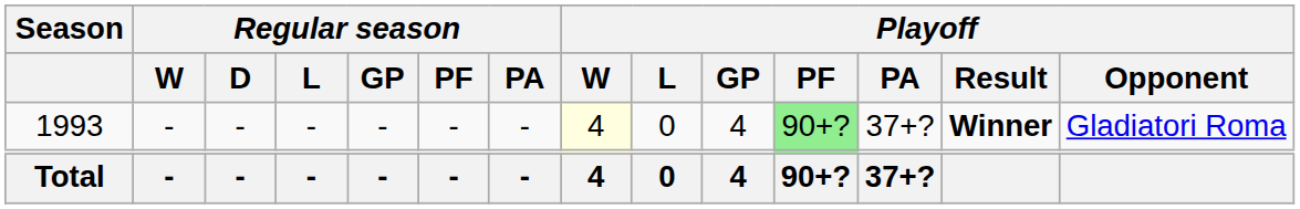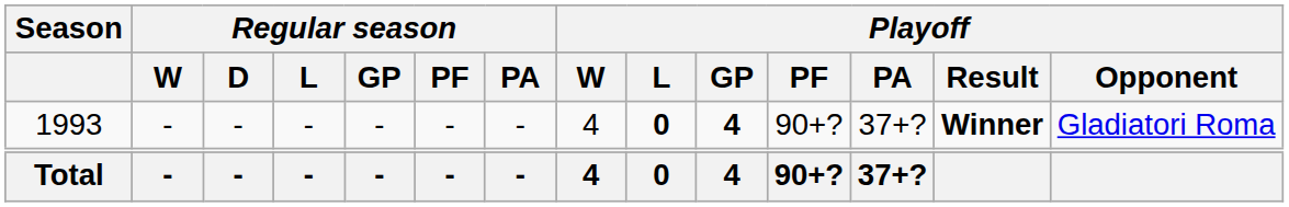 <table class="wikitable"  class="wikitable" style="text-align: center;" align=center style="font-size: 95%;">
 <tr>
 <th width=60>Season</th>
 <th colspan="6"><em>Regular season</em></th>
 <th colspan="7"><em>Playoff</em></th>
 </tr>
 <tr>
 <th> </th>
 <th width=30>W</th>
 <th width=30>D</th>
 <th width=30>L</th>
 <th width=30>GP</th>
 <th width=30>PF</th>
 <th width=30>PA</th>
 <th width=30>W</th>
 <th width=30>L</th>
 <th width=30>GP</th>
 <th width=30>PF</th>
 <th width=30>PA</th>
 <th>Result</th>
 <th>Opponent</th>
 </tr>
 <tr align=center>
 <td>1993</td>
 <td>-</td>
 <td>-</td>
 <td>-</td>
 <td>-</td>
 <td>-</td>
 <td>-</td>
-<td style="background: lightyellow;">4</td>
-<td>0</td>
 <td>4</td>
-<td style="background: lightgreen;">90+?</td>
+<td><strong>0</strong></td>
+<td><strong>4</strong></td>
+<td>90+?</td>
 <td>37+?</td>
 <td><strong>Winner</strong></td>
 <td><a href='#'>Gladiatori Roma</a></td>
 </tr>
 <tr style="border-top-style:double">
 <th>Total</th>
 <th>-</th>
 <th>-</th>
 <th>-</th>
 <th>-</th>
 <th>-</th>
 <th>-</th>
 <th>4</th>
 <th>0</th>
 <th>4</th>
 <th>90+?</th>
 <th>37+?</th>
 <th></th>
 <th></th>
 </tr>
 </table>
